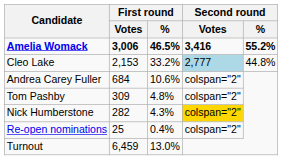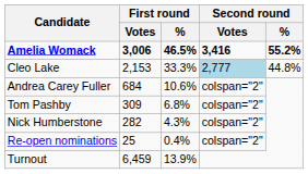 <table class="wikitable" text-align:right"|>
 <tr>
 <th rowspan=2>Candidate</th>
 <th colspan="2">First round</th>
 <th colspan="2">Second round</th>
 </tr>
 <tr>
 <th style="width: 50px">Votes</th>
 <th style="width: 40px">%</th>
 <th style="width: 50px">Votes</th>
 <th style="width: 40px">%</th>
 </tr>
 <tr>
 <td><strong><a href='#'>Amelia Womack</a></strong></td>
 <td><strong>3,006</strong></td>
 <td><strong>46.5%</strong></td>
 <td><strong>3,416</strong></td>
 <td><strong>55.2%</strong></td>
 </tr>
 <tr>
 <td>Cleo Lake</td>
 <td>2,153</td>
-<td>33.2%</td>
+<td>33.3%</td>
 <td style="background: lightblue;">2,777</td>
 <td>44.8%</td>
 </tr>
 <tr>
 <td>Andrea Carey Fuller</td>
 <td>684</td>
 <td>10.6%</td>
 <td>colspan="2" </td>
 </tr>
 <tr>
 <td>Tom Pashby</td>
 <td>309</td>
-<td>4.8%</td>
+<td>6.8%</td>
 <td>colspan="2" </td>
 </tr>
 <tr>
 <td>Nick Humberstone</td>
 <td>282</td>
 <td>4.3%</td>
-<td style="background: gold;">colspan="2" </td>
+<td>colspan="2" </td>
 </tr>
 <tr>
 <td><a href='#'>Re-open nominations</a></td>
 <td>25</td>
 <td>0.4%</td>
 <td>colspan="2" </td>
 </tr>
 <tr>
 <td>Turnout</td>
 <td>6,459</td>
-<td>13.0%</td>
+<td>13.9%</td>
 </tr>
 </table>
